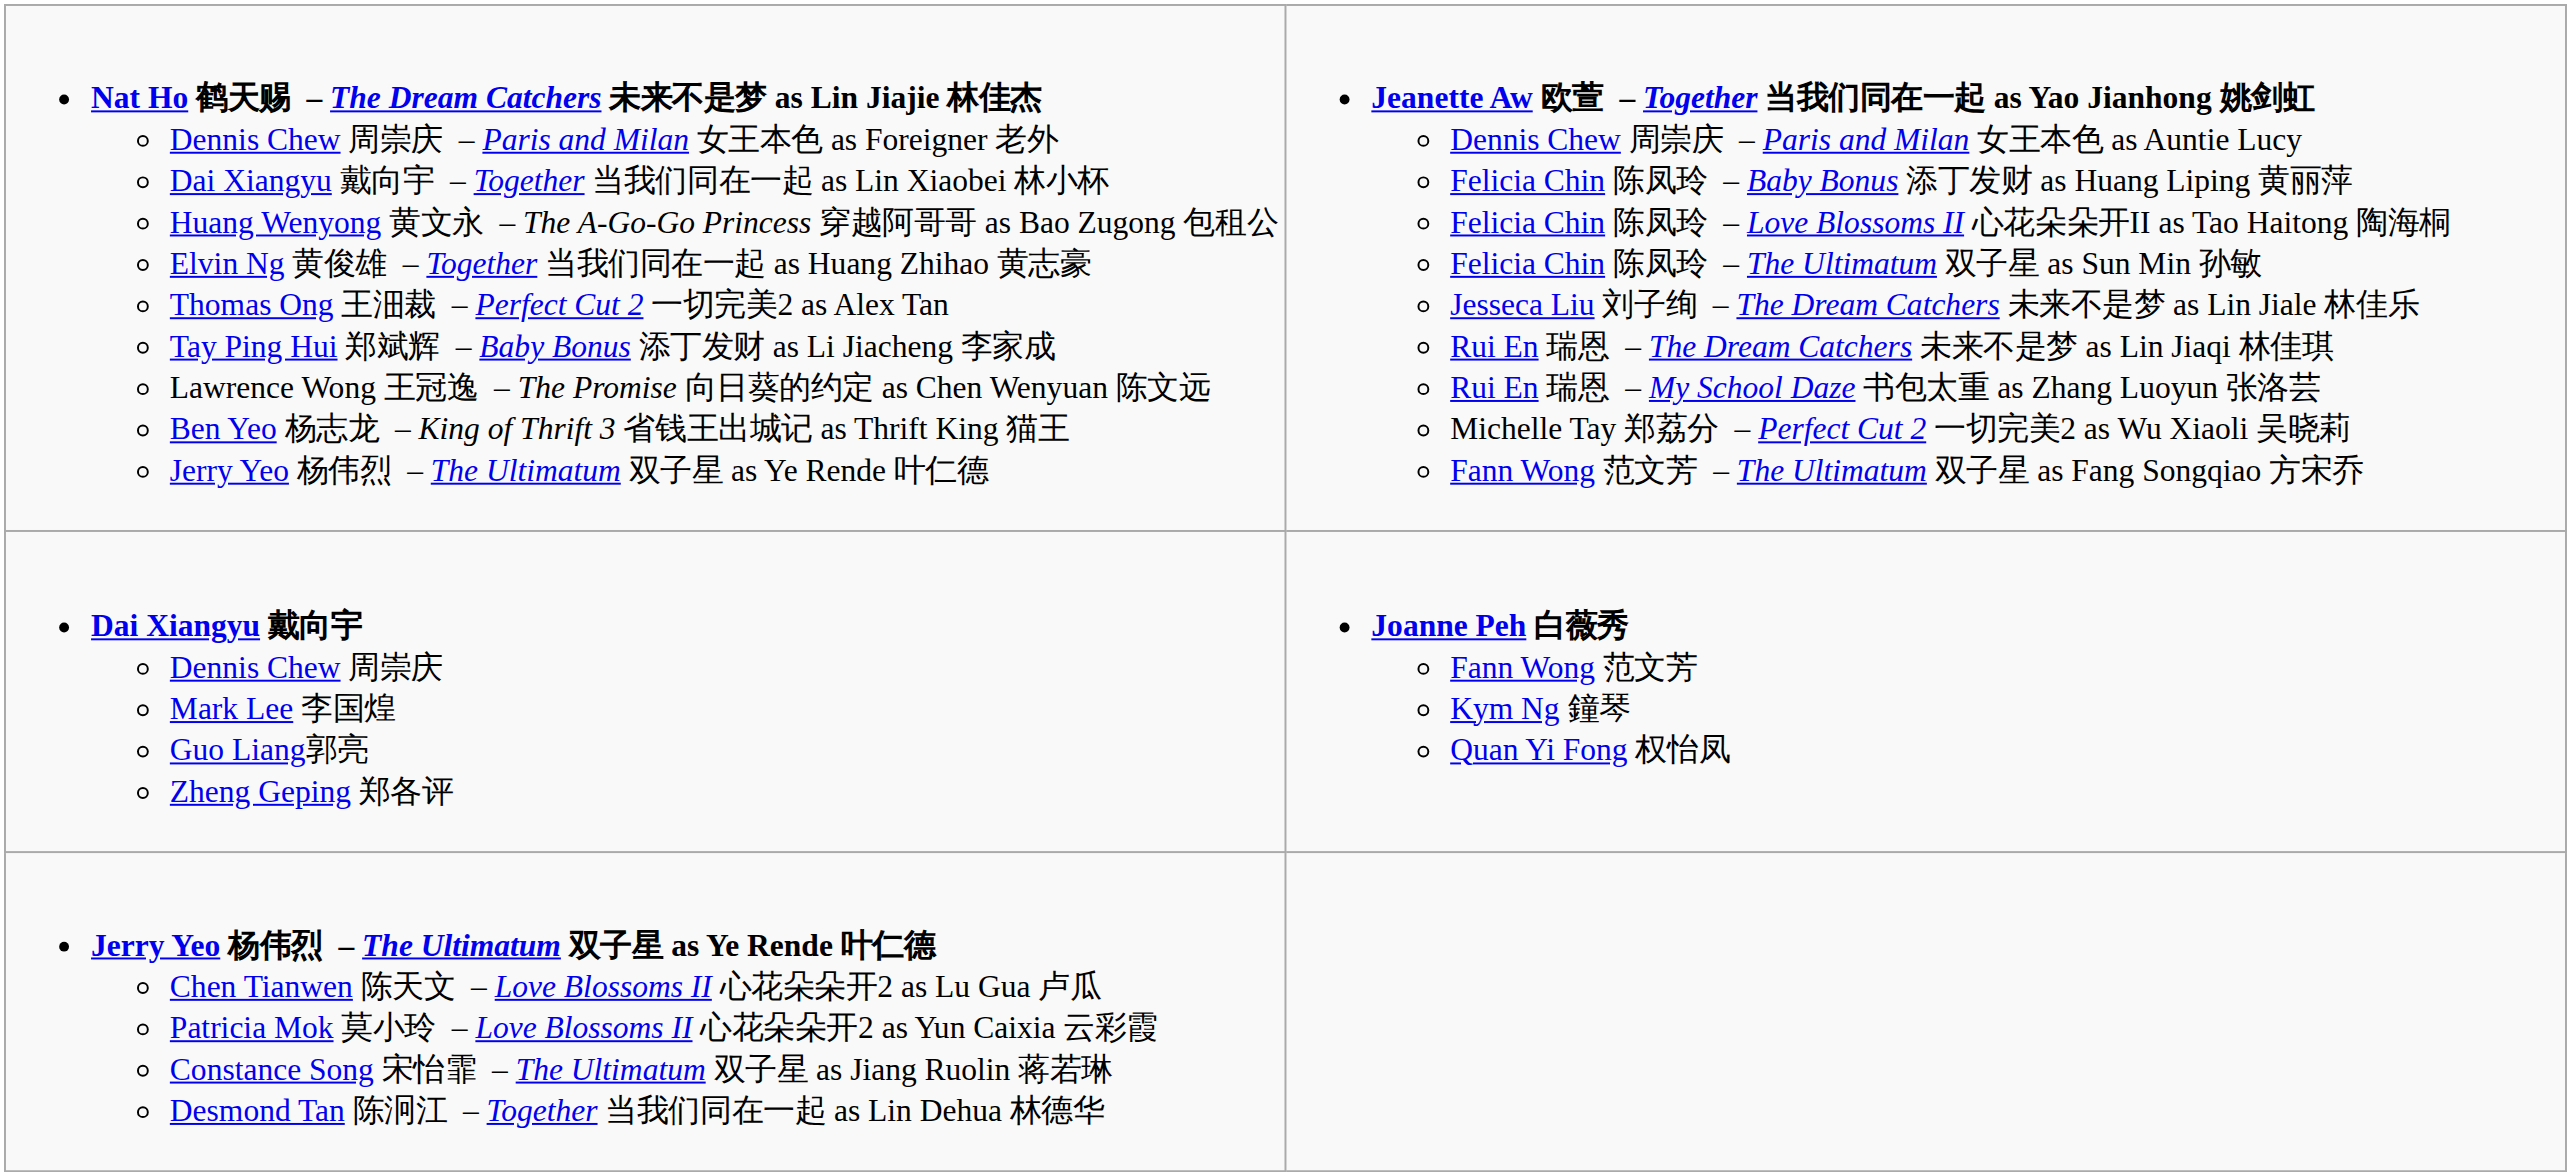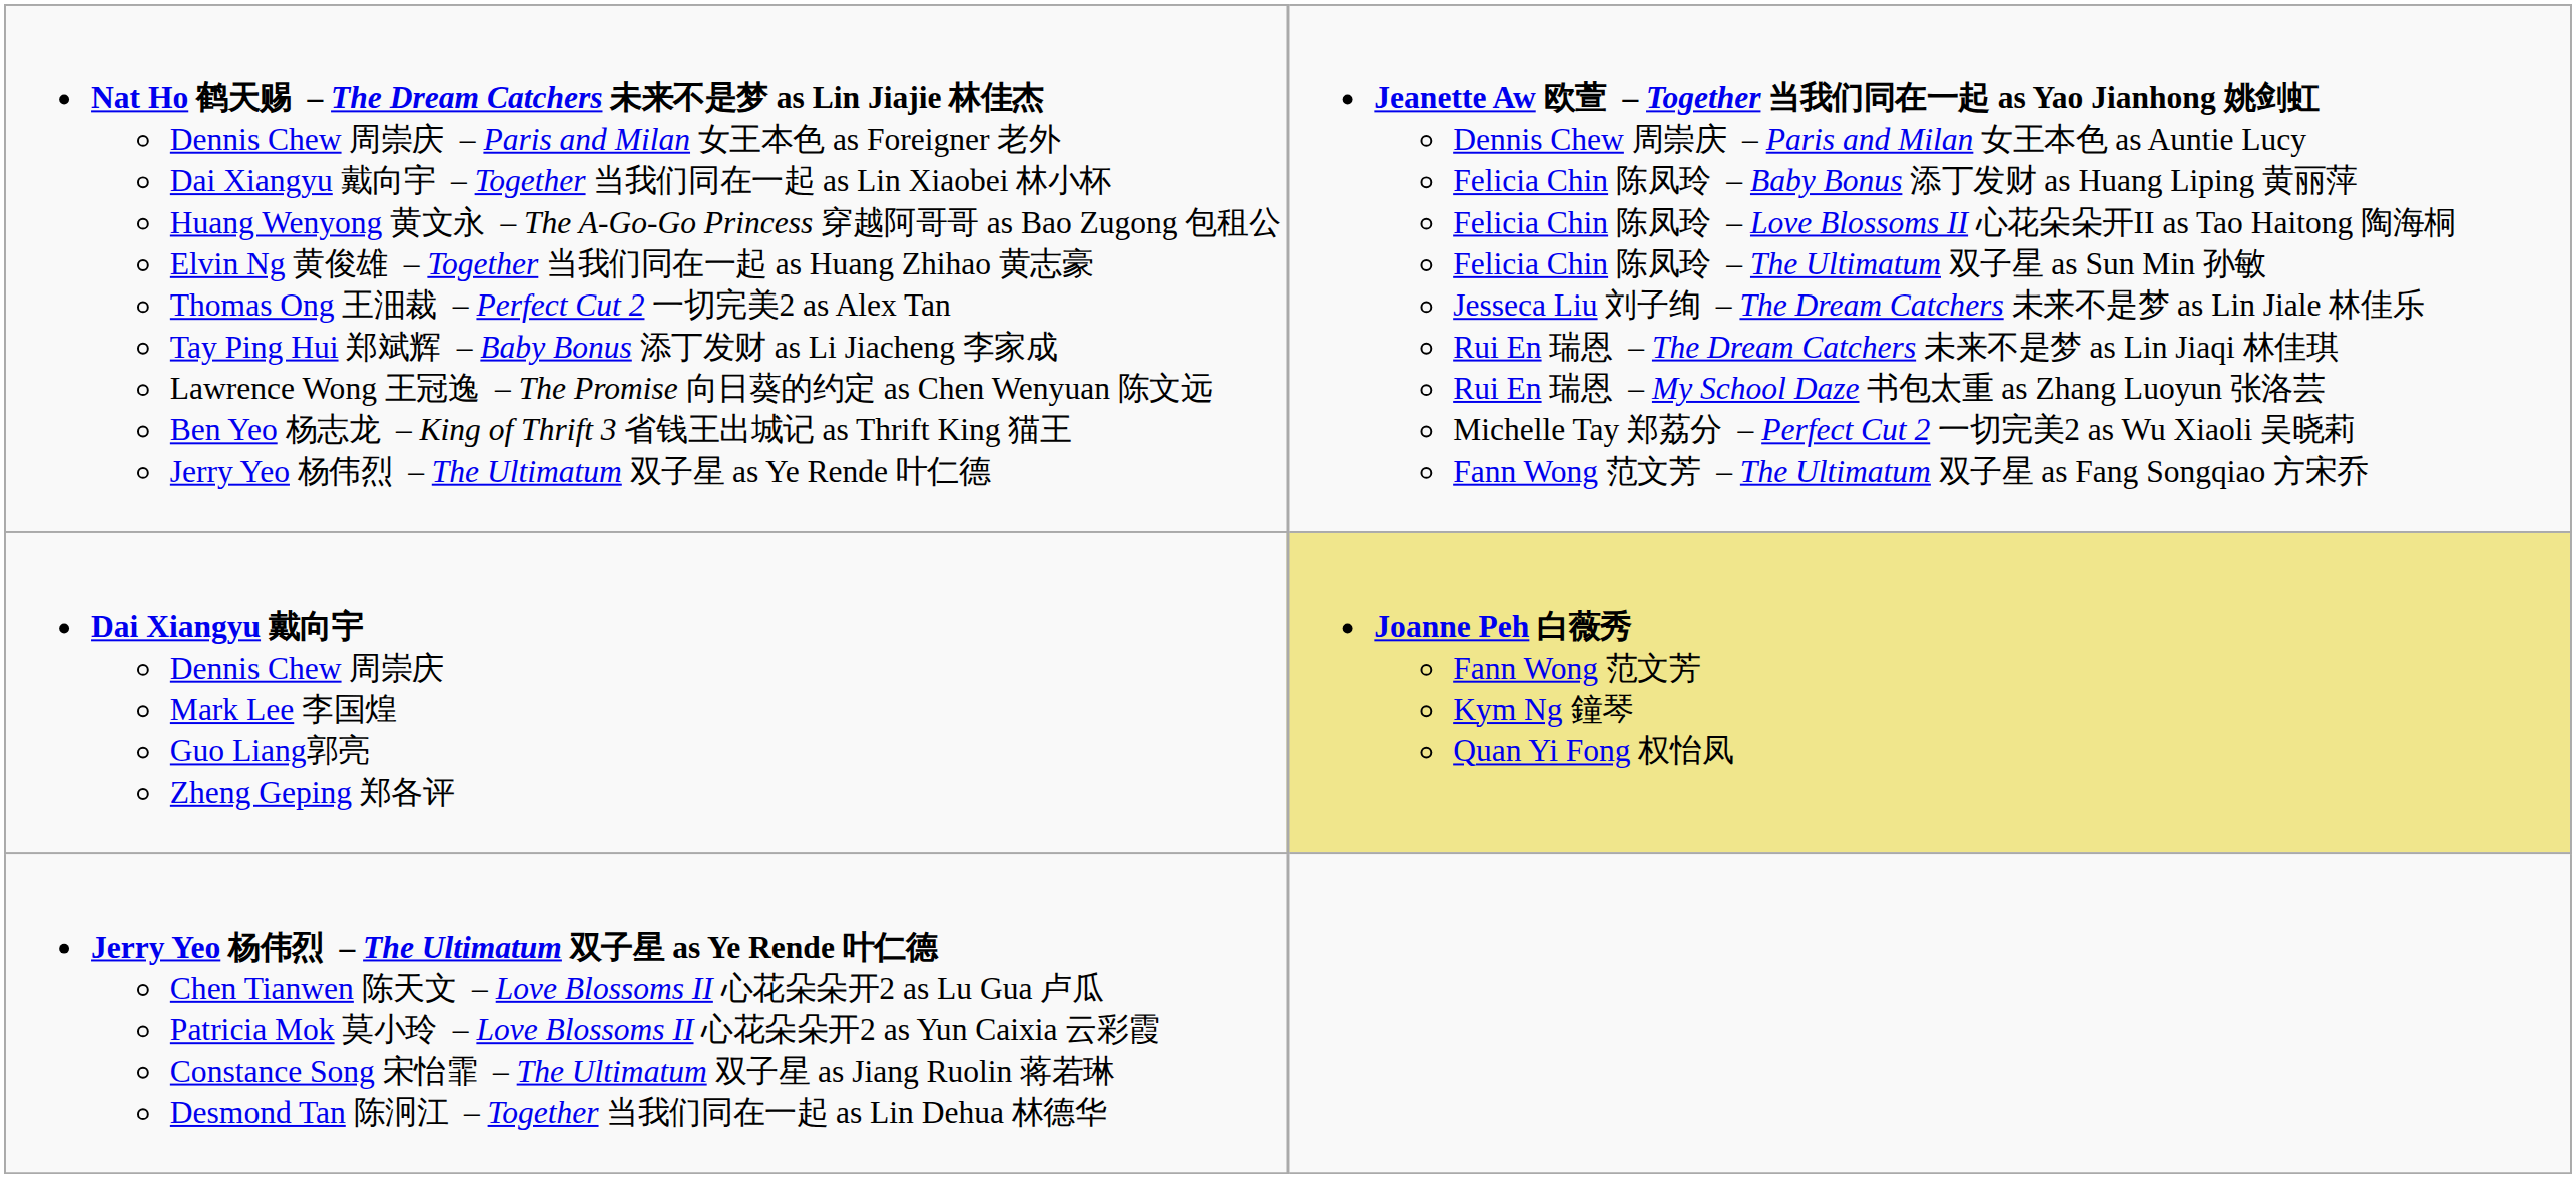 <table class=wikitable>
 <tr>
 <td valign="top" width="50%"><br><div></div><ul><li><strong><a href='#'>Nat Ho</a> 鹤天赐  – <em><a href='#'>The Dream Catchers</a></em> 未来不是梦 as Lin Jiajie 林佳杰</strong><ul><li><a href='#'>Dennis Chew</a> 周崇庆  – <em><a href='#'>Paris and Milan</a></em> 女王本色 as Foreigner 老外</li><li><a href='#'>Dai Xiangyu</a> 戴向宇  – <em><a href='#'>Together</a></em> 当我们同在一起 as Lin Xiaobei 林小杯</li><li><a href='#'>Huang Wenyong</a> 黄文永  – <em>The A-Go-Go Princess</em> 穿越阿哥哥 as Bao Zugong 包租公</li><li><a href='#'>Elvin Ng</a> 黄俊雄  – <em><a href='#'>Together</a></em> 当我们同在一起 as Huang Zhihao 黄志豪</li><li><a href='#'>Thomas Ong</a> 王沺裁  – <em><a href='#'>Perfect Cut 2</a></em> 一切完美2 as Alex Tan</li><li><a href='#'>Tay Ping Hui</a> 郑斌辉  – <em><a href='#'>Baby Bonus</a></em> 添丁发财 as Li Jiacheng 李家成</li><li>Lawrence Wong 王冠逸  – <em>The Promise</em> 向日葵的约定 as Chen Wenyuan 陈文远</li><li><a href='#'>Ben Yeo</a> 杨志龙  – <em>King of Thrift 3</em> 省钱王出城记 as Thrift King 猫王</li><li><a href='#'>Jerry Yeo</a> 杨伟烈  – <em><a href='#'>The Ultimatum</a></em> 双子星 as Ye Rende 叶仁德</li></ul></li></ul></td>
 <td valign="top" width="50%"><br><div></div><ul><li><strong><a href='#'>Jeanette Aw</a> 欧萱  – <em><a href='#'>Together</a></em> 当我们同在一起 as Yao Jianhong 姚剑虹</strong><ul><li><a href='#'>Dennis Chew</a> 周崇庆  – <em><a href='#'>Paris and Milan</a></em> 女王本色 as Auntie Lucy</li><li><a href='#'>Felicia Chin</a> 陈凤玲  – <em><a href='#'>Baby Bonus</a></em> 添丁发财 as Huang Liping 黄丽萍</li><li><a href='#'>Felicia Chin</a> 陈凤玲  – <em><a href='#'>Love Blossoms II</a></em> 心花朵朵开II as Tao Haitong 陶海桐</li><li><a href='#'>Felicia Chin</a> 陈凤玲  – <em><a href='#'>The Ultimatum</a></em> 双子星 as Sun Min 孙敏</li><li><a href='#'>Jesseca Liu</a> 刘子绚  – <em><a href='#'>The Dream Catchers</a></em> 未来不是梦 as Lin Jiale 林佳乐</li><li><a href='#'>Rui En</a> 瑞恩  – <em><a href='#'>The Dream Catchers</a></em> 未来不是梦 as Lin Jiaqi 林佳琪</li><li><a href='#'>Rui En</a> 瑞恩  – <em><a href='#'>My School Daze</a></em> 书包太重 as Zhang Luoyun 张洛芸</li><li>Michelle Tay 郑荔分  – <em><a href='#'>Perfect Cut 2</a></em> 一切完美2 as Wu Xiaoli 吴晓莉</li><li><a href='#'>Fann Wong</a> 范文芳  – <em><a href='#'>The Ultimatum</a></em> 双子星 as Fang Songqiao 方宋乔</li></ul></li></ul></td>
 </tr>
 <tr>
 <td valign="top" width="50%"><br><div></div><ul><li><strong><a href='#'>Dai Xiangyu</a> 戴向宇</strong><ul><li><a href='#'>Dennis Chew</a> 周崇庆</li><li><a href='#'>Mark Lee</a> 李国煌</li><li><a href='#'>Guo Liang</a>郭亮</li><li><a href='#'>Zheng Geping</a> 郑各评</li></ul></li></ul></td>
-<td valign="top" width="50%"><br><div></div><ul><li><strong><a href='#'>Joanne Peh</a> 白薇秀</strong><ul><li><a href='#'>Fann Wong</a> 范文芳</li><li><a href='#'>Kym Ng</a> 鐘琴</li><li><a href='#'>Quan Yi Fong</a> 权怡凤</li></ul></li></ul></td>
+<td valign="top" width="50%" style="background: khaki;"><br><div></div><ul><li><strong><a href='#'>Joanne Peh</a> 白薇秀</strong><ul><li><a href='#'>Fann Wong</a> 范文芳</li><li><a href='#'>Kym Ng</a> 鐘琴</li><li><a href='#'>Quan Yi Fong</a> 权怡凤</li></ul></li></ul></td>
 </tr>
 <tr>
 <td valign="top" width="50%"><br><div></div><ul><li><strong><a href='#'>Jerry Yeo</a> 杨伟烈  – <em><a href='#'>The Ultimatum</a></em> 双子星 as Ye Rende 叶仁德</strong><ul><li><a href='#'>Chen Tianwen</a> 陈天文  – <em><a href='#'>Love Blossoms II</a></em> 心花朵朵开2 as Lu Gua 卢瓜</li><li><a href='#'>Patricia Mok</a> 莫小玲  – <em><a href='#'>Love Blossoms II</a></em> 心花朵朵开2 as Yun Caixia 云彩霞</li><li><a href='#'>Constance Song</a> 宋怡霏  – <em><a href='#'>The Ultimatum</a></em> 双子星 as Jiang Ruolin 蒋若琳</li><li><a href='#'>Desmond Tan</a> 陈泂江  – <em><a href='#'>Together</a></em> 当我们同在一起 as Lin Dehua 林德华</li></ul></li></ul></td>
 </tr>
 </table>
